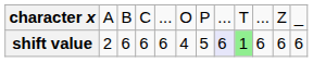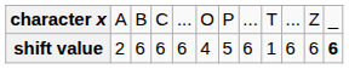 <table class="wikitable" style="margin: 1em auto 1em auto;">
 <tr>
 <th>character <em>x</em></th>
 <td>A</td>
 <td>B</td>
 <td>C</td>
 <td>...</td>
 <td>O</td>
 <td>P</td>
 <td>...</td>
 <td>T</td>
 <td>...</td>
 <td>Z</td>
 <td>_</td>
 </tr>
 <tr>
 <th>shift value</th>
 <td>2</td>
 <td>6</td>
 <td>6</td>
 <td>6</td>
 <td>4</td>
 <td>5</td>
-<td style="background: lavender;">6</td>
-<td style="background: lightgreen;">1</td>
+<td>6</td>
+<td>1</td>
 <td>6</td>
 <td>6</td>
-<td>6</td>
+<td><strong>6</strong></td>
 </tr>
 </table>
